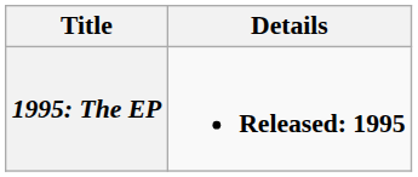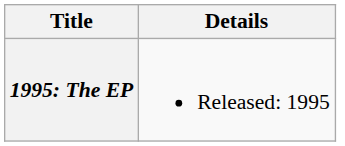 <table class="wikitable plainrowheaders" style="text-align:center;" border="1">
 <tr>
 <th scope="col">Title</th>
 <th scope="col">Details</th>
 </tr>
 <tr>
 <th scope="row"><em>1995: The EP</em></th>
-<td><strong><br><ul><li>Released: 1995</li></ul></strong></td>
+<td><br><ul><li>Released: 1995</li></ul></td>
 </tr>
 </table>
